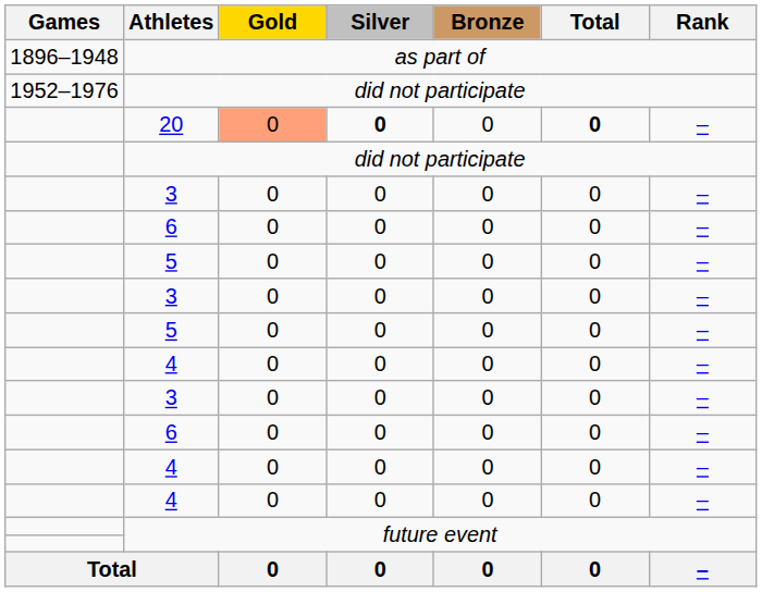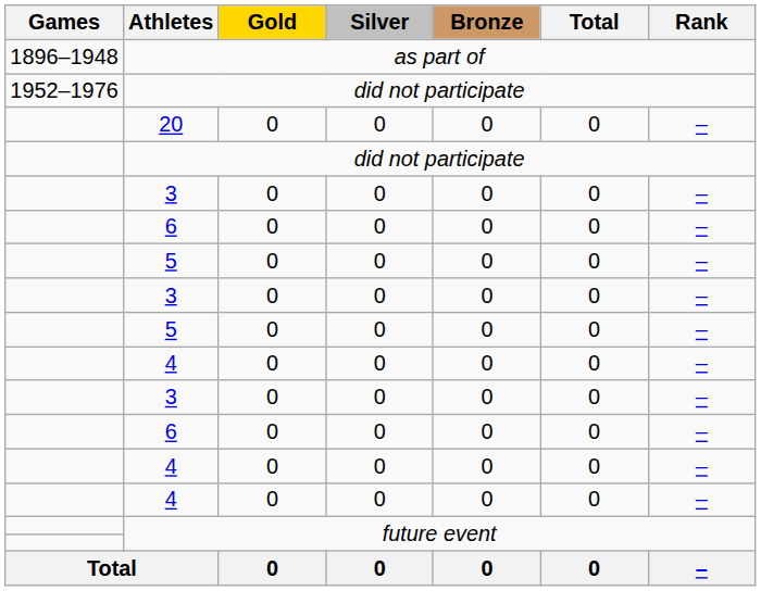 <table class="wikitable" style="text-align:center; font-size:90%;">
 <tr>
 <th>Games</th>
 <th>Athletes</th>
 <td style="background:gold; width:4.5em; font-weight:bold;">Gold</td>
 <td style="background:silver; width:4.5em; font-weight:bold;">Silver</td>
 <td style="background:#cc9966; width:4.5em; font-weight:bold;">Bronze</td>
 <th style="width:4.5em; font-weight:bold;">Total</th>
 <th style="width:4.5em; font-weight:bold;">Rank</th>
 </tr>
 <tr>
 <td align=left>1896–1948</td>
 <td colspan=6><em>as part of </em></td>
 </tr>
 <tr>
 <td align=left>1952–1976</td>
 <td colspan=6><em>did not participate</em></td>
 </tr>
 <tr>
 <td align=left></td>
 <td><a href='#'>20</a></td>
-<td style="background: lightsalmon;">0</td>
-<td><strong>0</strong></td>
 <td>0</td>
-<td><strong>0</strong></td>
+<td>0</td>
+<td>0</td>
+<td>0</td>
 <td><a href='#'>–</a></td>
 </tr>
 <tr>
 <td align=left></td>
 <td colspan=6><em>did not participate</em></td>
 </tr>
 <tr>
 <td align=left></td>
 <td><a href='#'>3</a></td>
 <td>0</td>
 <td>0</td>
 <td>0</td>
 <td>0</td>
 <td><a href='#'>–</a></td>
 </tr>
 <tr>
 <td align=left></td>
 <td><a href='#'>6</a></td>
 <td>0</td>
 <td>0</td>
 <td>0</td>
 <td>0</td>
 <td><a href='#'>–</a></td>
 </tr>
 <tr>
 <td align=left></td>
 <td><a href='#'>5</a></td>
 <td>0</td>
 <td>0</td>
 <td>0</td>
 <td>0</td>
 <td><a href='#'>–</a></td>
 </tr>
 <tr>
 <td align=left></td>
 <td><a href='#'>3</a></td>
 <td>0</td>
 <td>0</td>
 <td>0</td>
 <td>0</td>
 <td><a href='#'>–</a></td>
 </tr>
 <tr>
 <td align=left></td>
 <td><a href='#'>5</a></td>
 <td>0</td>
 <td>0</td>
 <td>0</td>
 <td>0</td>
 <td><a href='#'>–</a></td>
 </tr>
 <tr>
 <td align=left></td>
 <td><a href='#'>4</a></td>
 <td>0</td>
 <td>0</td>
 <td>0</td>
 <td>0</td>
 <td><a href='#'>–</a></td>
 </tr>
 <tr>
 <td align=left></td>
 <td><a href='#'>3</a></td>
 <td>0</td>
 <td>0</td>
 <td>0</td>
 <td>0</td>
 <td><a href='#'>–</a></td>
 </tr>
 <tr>
 <td align=left></td>
 <td><a href='#'>6</a></td>
 <td>0</td>
 <td>0</td>
 <td>0</td>
 <td>0</td>
 <td><a href='#'>–</a></td>
 </tr>
 <tr>
 <td align=left></td>
 <td><a href='#'>4</a></td>
 <td>0</td>
 <td>0</td>
 <td>0</td>
 <td>0</td>
 <td><a href='#'>–</a></td>
 </tr>
 <tr>
 <td align=left></td>
 <td><a href='#'>4</a></td>
 <td>0</td>
 <td>0</td>
 <td>0</td>
 <td>0</td>
 <td><a href='#'>–</a></td>
 </tr>
 <tr>
 <td align=left></td>
 <td colspan=6; rowspan=2><em>future event</em></td>
 </tr>
 <tr>
 <td align=left></td>
 </tr>
 <tr>
 <th colspan=2>Total</th>
 <th>0</th>
 <th>0</th>
 <th>0</th>
 <th>0</th>
 <th><a href='#'>–</a></th>
 </tr>
 </table>
